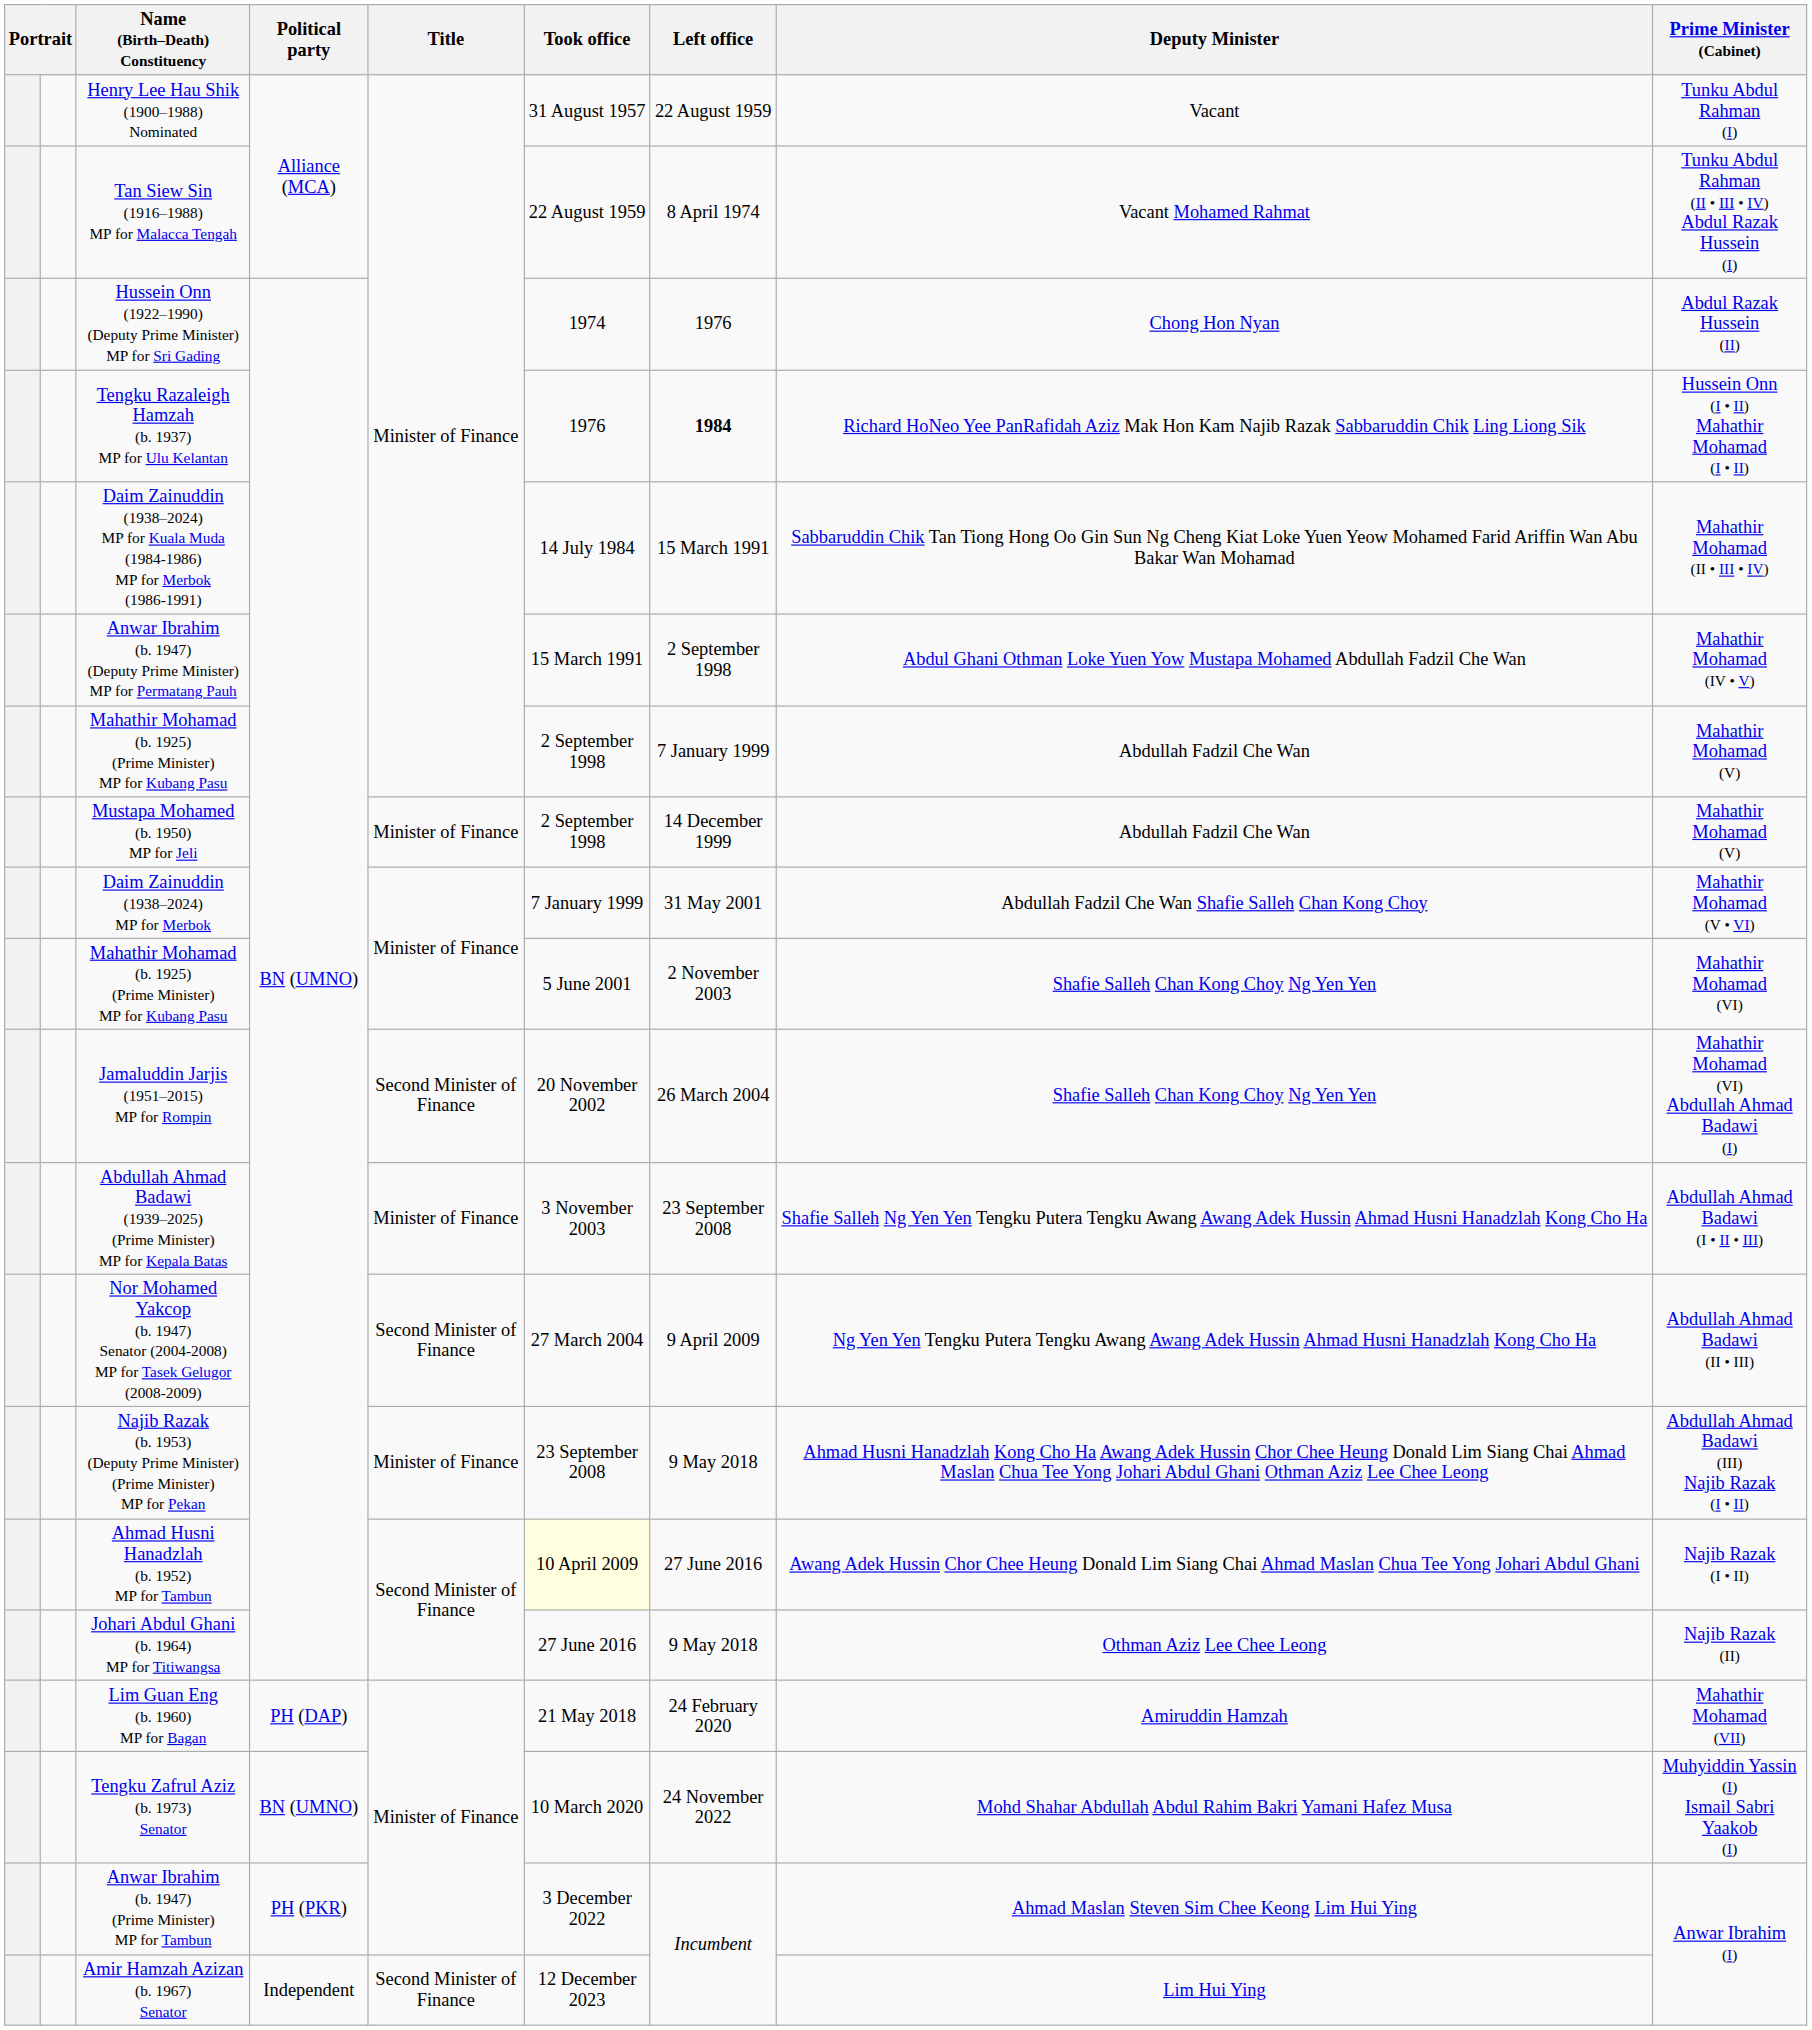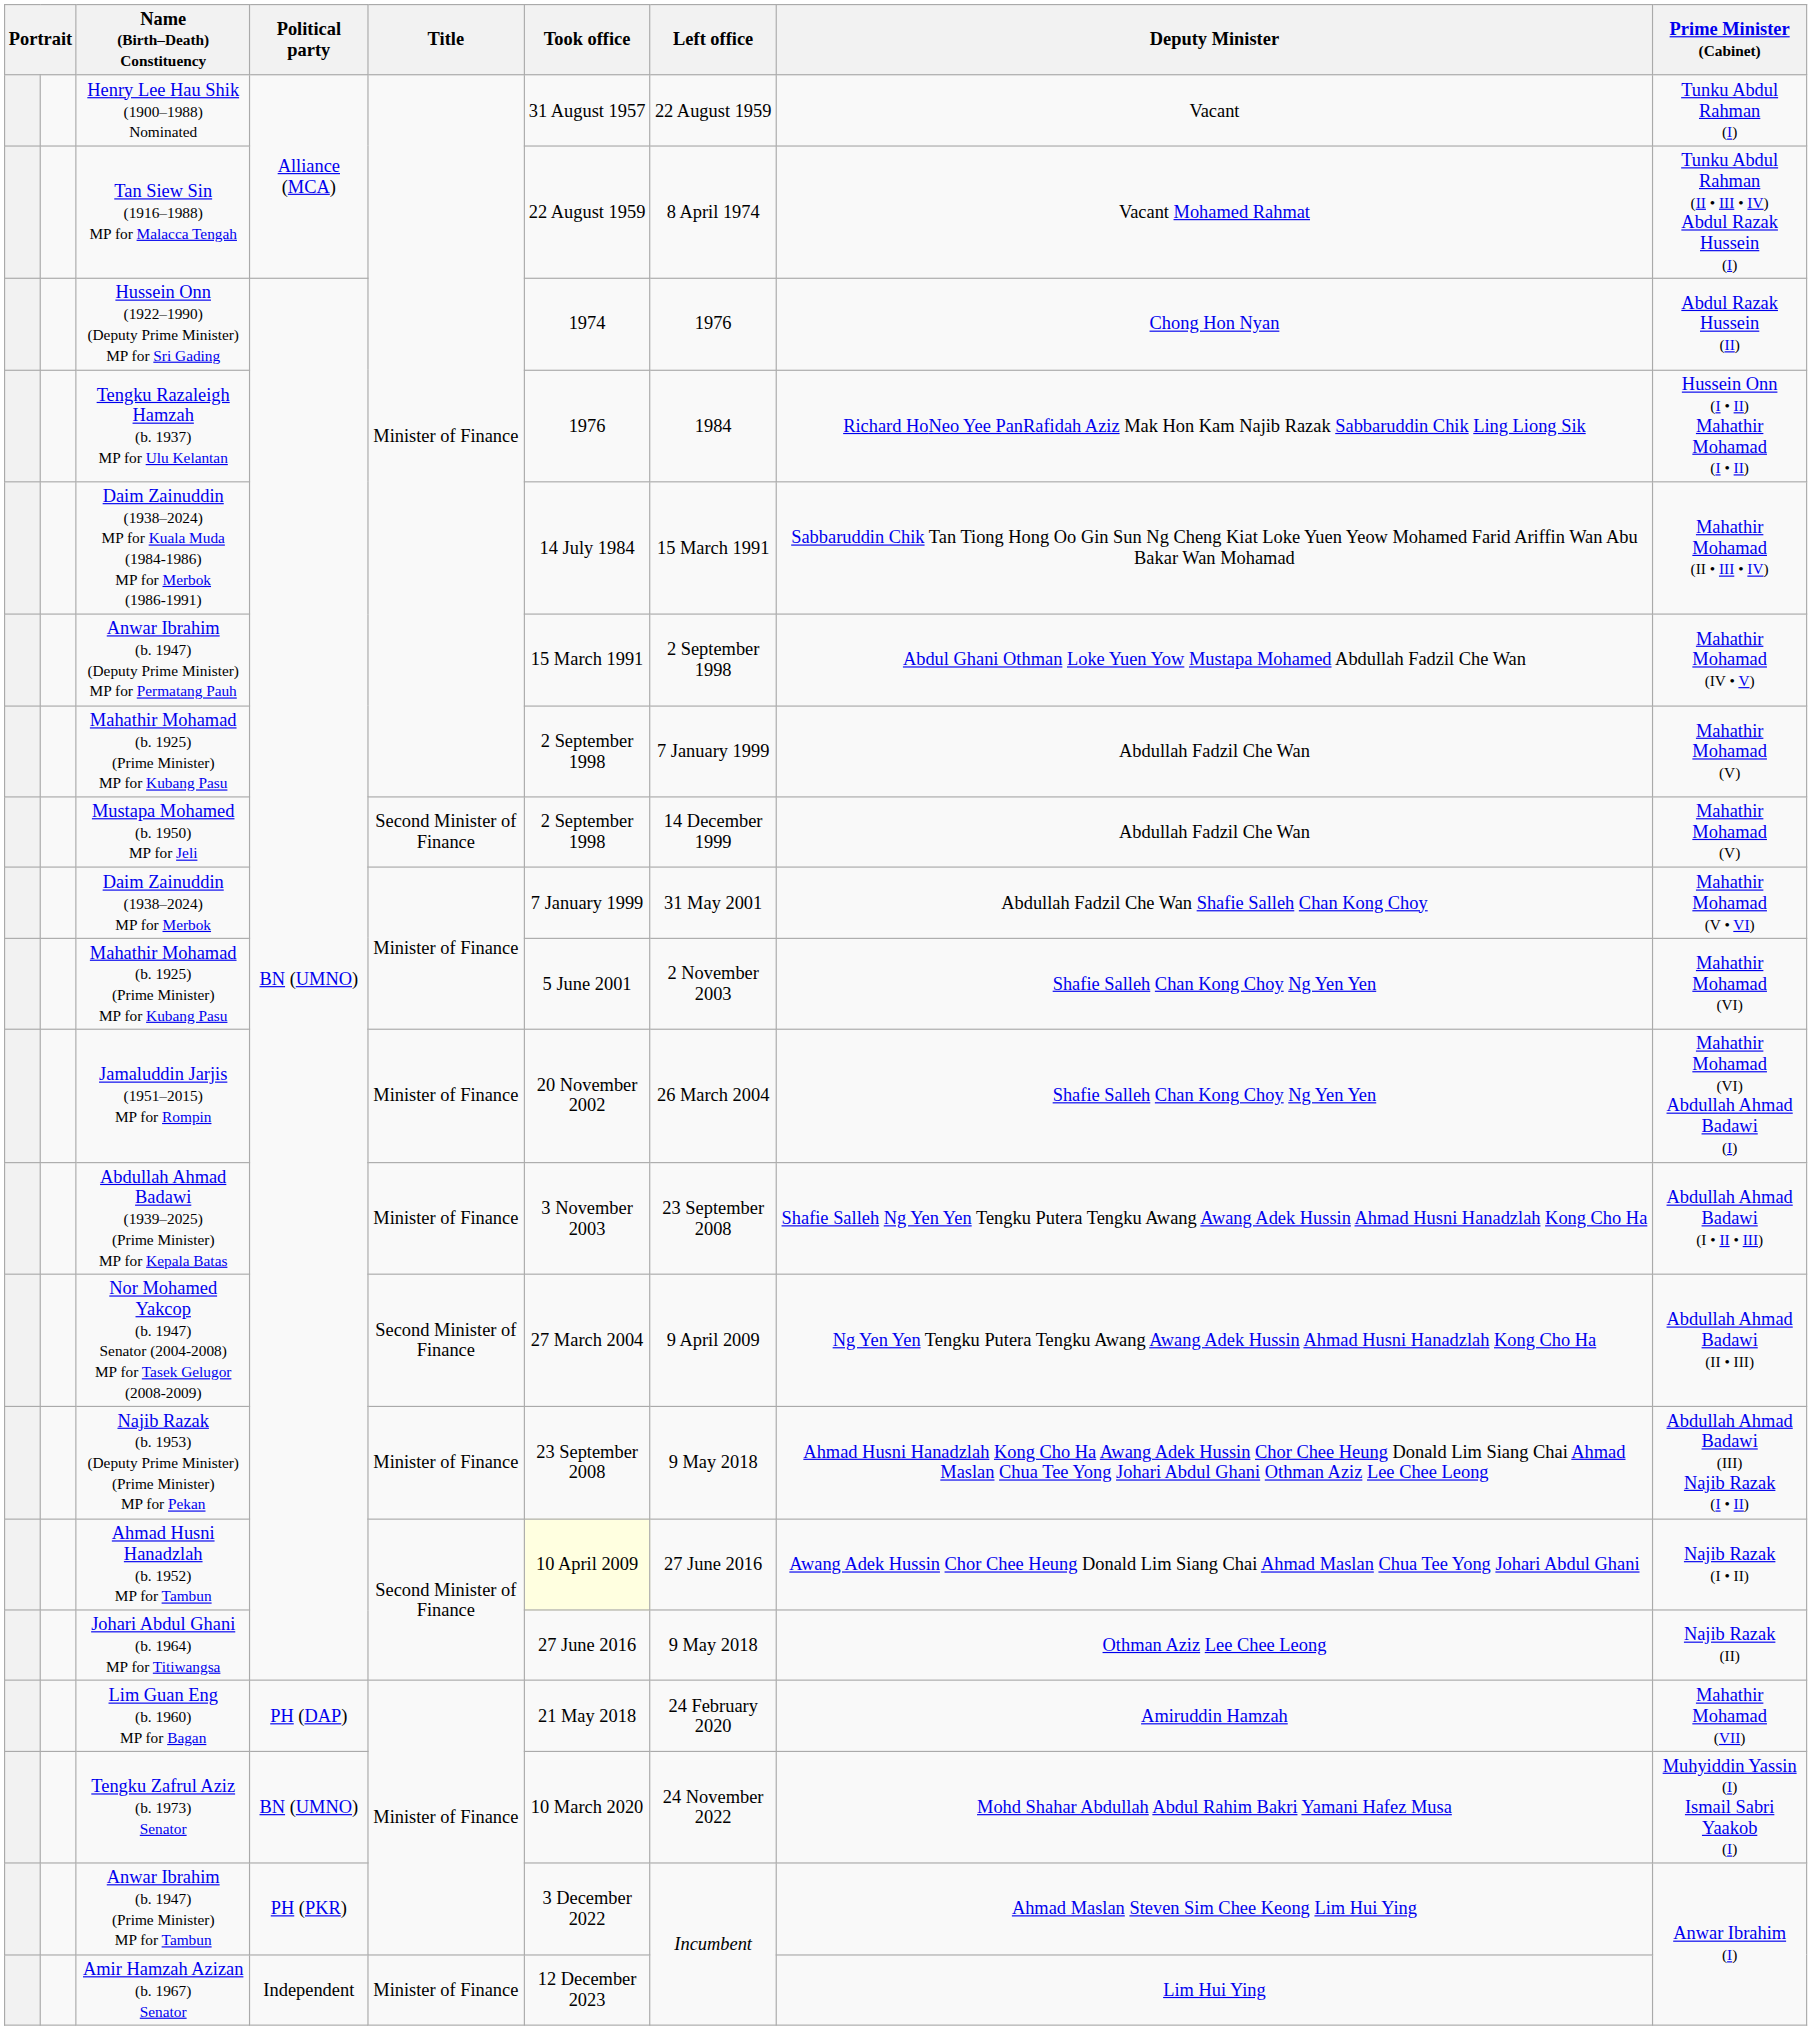 <table class="wikitable" style="text-align:center;">
 <tr>
 <th colspan=2>Portrait</th>
 <th>Name<br><small>(Birth–Death)<br>Constituency</small></th>
 <th>Political party</th>
 <th>Title</th>
 <th>Took office</th>
 <th>Left office</th>
 <th>Deputy Minister</th>
 <th><a href='#'>Prime Minister</a><br><small>(Cabinet)</small></th>
 </tr>
 <tr>
 <th style="background:"></th>
 <td></td>
 <td><a href='#'>Henry Lee Hau Shik</a><br><small>(1900–1988)</small><br><small>Nominated</small></td>
 <td rowspan=2><a href='#'>Alliance</a> (<a href='#'>MCA</a>)</td>
 <td rowspan=7>Minister of Finance</td>
 <td>31 August 1957</td>
 <td>22 August 1959</td>
 <td>Vacant</td>
 <td><a href='#'>Tunku Abdul Rahman</a><br><small>(<a href='#'>I</a>)</small></td>
 </tr>
 <tr>
 <th style="background:"></th>
 <td></td>
 <td><a href='#'>Tan Siew Sin</a><br><small>(1916–1988)<br>MP for <a href='#'>Malacca Tengah</a></small></td>
 <td>22 August 1959</td>
 <td>8 April 1974</td>
 <td>Vacant <a href='#'>Mohamed Rahmat</a> </td>
 <td><a href='#'>Tunku Abdul Rahman</a><br><small>(<a href='#'>II</a> • <a href='#'>III</a> • <a href='#'>IV</a>)</small><br><a href='#'>Abdul Razak Hussein</a><br><small>(<a href='#'>I</a>)</small></td>
 </tr>
 <tr>
 <th style="background:"></th>
 <td></td>
 <td><a href='#'>Hussein Onn</a><br><small>(1922–1990)<br>(Deputy Prime Minister) <br>MP for <a href='#'>Sri Gading</a></small></td>
 <td rowspan=14><a href='#'>BN</a> (<a href='#'>UMNO</a>)</td>
 <td>1974</td>
 <td>1976</td>
 <td><a href='#'>Chong Hon Nyan</a></td>
 <td><a href='#'>Abdul Razak Hussein</a><br><small>(<a href='#'>II</a>)</small></td>
 </tr>
 <tr>
 <th style="background:"></th>
 <td></td>
 <td><a href='#'>Tengku Razaleigh Hamzah</a><br><small>(b. 1937)<br>MP for <a href='#'>Ulu Kelantan</a></small></td>
 <td>1976</td>
-<td><strong>1984</strong></td>
+<td>1984</td>
 <td><a href='#'>Richard Ho</a><a href='#'>Neo Yee Pan</a><a href='#'>Rafidah Aziz</a> Mak Hon Kam   Najib Razak   <a href='#'>Sabbaruddin Chik</a>   <a href='#'>Ling Liong Sik</a>  </td>
 <td><a href='#'>Hussein Onn</a><br><small>(<a href='#'>I</a> • <a href='#'>II</a>)</small><br><a href='#'>Mahathir Mohamad</a><br><small>(<a href='#'>I</a> • <a href='#'>II</a>)</small></td>
 </tr>
 <tr>
 <th style="background:"></th>
 <td></td>
 <td><a href='#'>Daim Zainuddin</a><br><small>(1938–2024)<br>MP for <a href='#'>Kuala Muda</a> <br>(1984-1986)<br>MP for <a href='#'>Merbok</a> <br>(1986-1991)</small></td>
 <td>14 July 1984</td>
 <td>15 March 1991</td>
 <td><a href='#'>Sabbaruddin Chik</a>   Tan Tiong Hong   Oo Gin Sun   Ng Cheng Kiat   Loke Yuen Yeow    Mohamed Farid Ariffin   Wan Abu Bakar Wan Mohamad  </td>
 <td><a href='#'>Mahathir Mohamad</a><br><small>(II • <a href='#'>III</a> • <a href='#'>IV</a>)</small></td>
 </tr>
 <tr>
 <th style="background:"></th>
 <td></td>
 <td><a href='#'>Anwar Ibrahim</a><br><small>(b. 1947)<br>(Deputy Prime Minister) <br>MP for <a href='#'>Permatang Pauh</a></small></td>
 <td>15 March 1991</td>
 <td>2 September 1998</td>
 <td><a href='#'>Abdul Ghani Othman</a>   <a href='#'>Loke Yuen Yow</a>   <a href='#'>Mustapa Mohamed</a>   Abdullah Fadzil Che Wan  </td>
 <td><a href='#'>Mahathir Mohamad</a><br><small>(IV • <a href='#'>V</a>)</small></td>
 </tr>
 <tr>
 <th style="background:"></th>
 <td></td>
 <td><a href='#'>Mahathir Mohamad</a><br><small>(b. 1925)<br>(Prime Minister)<br>MP for <a href='#'>Kubang Pasu</a></small></td>
 <td>2 September 1998</td>
 <td>7 January 1999</td>
 <td>Abdullah Fadzil Che Wan</td>
 <td><a href='#'>Mahathir Mohamad</a><br><small>(V)</small></td>
 </tr>
 <tr>
 <th style="background:"></th>
 <td></td>
 <td><a href='#'>Mustapa Mohamed</a><br><small>(b. 1950)<br>MP for <a href='#'>Jeli</a></small></td>
-<td>Minister of Finance</td>
+<td>Second Minister of Finance</td>
 <td>2 September 1998</td>
 <td>14 December 1999</td>
 <td>Abdullah Fadzil Che Wan</td>
 <td><a href='#'>Mahathir Mohamad</a><br><small>(V)</small></td>
 </tr>
 <tr>
 <th style="background:"></th>
 <td></td>
 <td><a href='#'>Daim Zainuddin</a><br><small>(1938–2024)<br>MP for <a href='#'>Merbok</a></small></td>
 <td rowspan=2>Minister of Finance</td>
 <td>7 January 1999</td>
 <td>31 May 2001</td>
 <td>Abdullah Fadzil Che Wan   <a href='#'>Shafie Salleh</a>   <a href='#'>Chan Kong Choy</a>  </td>
 <td><a href='#'>Mahathir Mohamad</a><br><small>(V • <a href='#'>VI</a>)</small></td>
 </tr>
 <tr>
 <th style="background:"></th>
 <td></td>
 <td><a href='#'>Mahathir Mohamad</a><br><small>(b. 1925)<br>(Prime Minister)<br>MP for <a href='#'>Kubang Pasu</a></small></td>
 <td>5 June 2001</td>
 <td>2 November 2003</td>
 <td><a href='#'>Shafie Salleh</a>   <a href='#'>Chan Kong Choy</a>   <a href='#'>Ng Yen Yen</a>  </td>
 <td><a href='#'>Mahathir Mohamad</a><br><small>(VI)</small></td>
 </tr>
 <tr>
 <th style="background:"></th>
 <td></td>
 <td><a href='#'>Jamaluddin Jarjis</a><br><small>(1951–2015)<br>MP for <a href='#'>Rompin</a></small></td>
-<td>Second Minister of Finance</td>
+<td>Minister of Finance</td>
 <td>20 November 2002</td>
 <td>26 March 2004</td>
 <td><a href='#'>Shafie Salleh</a>   <a href='#'>Chan Kong Choy</a>   <a href='#'>Ng Yen Yen</a>  </td>
 <td><a href='#'>Mahathir Mohamad</a><br><small>(VI)</small><br><a href='#'>Abdullah Ahmad Badawi</a><br><small>(<a href='#'>I</a>)</small></td>
 </tr>
 <tr>
 <th style="background:"></th>
 <td></td>
 <td><a href='#'>Abdullah Ahmad Badawi</a><br><small>(1939–2025)<br>(Prime Minister)<br>MP for <a href='#'>Kepala Batas</a></small></td>
 <td>Minister of Finance</td>
 <td>3 November 2003</td>
 <td>23 September 2008</td>
 <td><a href='#'>Shafie Salleh</a>   <a href='#'>Ng Yen Yen</a>   Tengku Putera Tengku Awang   <a href='#'>Awang Adek Hussin</a>  <a href='#'>Ahmad Husni Hanadzlah</a>   <a href='#'>Kong Cho Ha</a> </td>
 <td><a href='#'>Abdullah Ahmad Badawi</a><br><small>(I • <a href='#'>II</a> • <a href='#'>III</a>)</small></td>
 </tr>
 <tr>
 <th style="background:"></th>
 <td></td>
 <td><a href='#'>Nor Mohamed Yakcop</a><br><small>(b. 1947)<br>Senator (2004-2008)<br>MP for <a href='#'>Tasek Gelugor</a> (2008-2009)</small></td>
 <td>Second Minister of Finance</td>
 <td>27 March 2004</td>
 <td>9 April 2009</td>
 <td><a href='#'>Ng Yen Yen</a>   Tengku Putera Tengku Awang   <a href='#'>Awang Adek Hussin</a>   <a href='#'>Ahmad Husni Hanadzlah</a>   <a href='#'>Kong Cho Ha</a> </td>
 <td><a href='#'>Abdullah Ahmad Badawi</a><br><small>(II • III)</small></td>
 </tr>
 <tr>
 <th style="background:"></th>
 <td></td>
 <td><a href='#'>Najib Razak</a> <br><small>(b. 1953)<br> (Deputy Prime Minister) <br>(Prime Minister)<br>MP for <a href='#'>Pekan</a></small></td>
 <td>Minister of Finance</td>
 <td>23 September 2008</td>
 <td>9 May 2018</td>
 <td><a href='#'>Ahmad Husni Hanadzlah</a>   <a href='#'>Kong Cho Ha</a>   <a href='#'>Awang Adek Hussin</a>   <a href='#'>Chor Chee Heung</a>   Donald Lim Siang Chai   <a href='#'>Ahmad Maslan</a>   <a href='#'>Chua Tee Yong</a>   <a href='#'>Johari Abdul Ghani</a>   <a href='#'>Othman Aziz</a>   <a href='#'>Lee Chee Leong</a>  </td>
 <td><a href='#'>Abdullah Ahmad Badawi</a><br><small>(III)</small><br><a href='#'>Najib Razak</a><br><small>(<a href='#'>I</a> • <a href='#'>II</a>)</small></td>
 </tr>
 <tr>
 <th style="background:"></th>
 <td></td>
 <td><a href='#'>Ahmad Husni Hanadzlah</a><br><small>(b. 1952)<br>MP for <a href='#'>Tambun</a></small></td>
 <td rowspan=2>Second Minister of Finance</td>
 <td style="background: lightyellow;">10 April 2009</td>
 <td>27 June 2016</td>
 <td><a href='#'>Awang Adek Hussin</a>   <a href='#'>Chor Chee Heung</a>   Donald Lim Siang Chai   <a href='#'>Ahmad Maslan</a>   <a href='#'>Chua Tee Yong</a>   <a href='#'>Johari Abdul Ghani</a> </td>
 <td><a href='#'>Najib Razak</a><br><small>(I • II)</small></td>
 </tr>
 <tr>
 <th style="background:"></th>
 <td></td>
 <td><a href='#'>Johari Abdul Ghani</a><br><small>(b. 1964)<br>MP for <a href='#'>Titiwangsa</a></small></td>
 <td>27 June 2016</td>
 <td>9 May 2018</td>
 <td><a href='#'>Othman Aziz</a>   <a href='#'>Lee Chee Leong</a>  </td>
 <td><a href='#'>Najib Razak</a><br><small>(II)</small></td>
 </tr>
 <tr>
 <th style="background:"></th>
 <td></td>
 <td><a href='#'>Lim Guan Eng</a><br><small>(b. 1960)<br>MP for <a href='#'>Bagan</a></small></td>
 <td><a href='#'>PH</a> (<a href='#'>DAP</a>)</td>
 <td rowspan="3">Minister of Finance</td>
 <td>21 May 2018</td>
 <td>24 February 2020</td>
 <td><a href='#'>Amiruddin Hamzah</a></td>
 <td><a href='#'>Mahathir Mohamad</a><br><small>(<a href='#'>VII</a>)</small></td>
 </tr>
 <tr>
 <th style="background:"></th>
 <td></td>
 <td><a href='#'>Tengku Zafrul Aziz</a><br><small>(b. 1973)<br><a href='#'>Senator</a></small></td>
 <td><a href='#'>BN</a> (<a href='#'>UMNO</a>)</td>
 <td>10 March 2020</td>
 <td>24 November 2022</td>
 <td><a href='#'>Mohd Shahar Abdullah</a>   <a href='#'>Abdul Rahim Bakri</a>    <a href='#'>Yamani Hafez Musa</a> </td>
 <td><a href='#'>Muhyiddin Yassin</a><br><small>(<a href='#'>I</a>)<br></small><a href='#'>Ismail Sabri Yaakob</a><br><small>(<a href='#'>I</a>)</small></td>
 </tr>
 <tr>
 <th style="background:"></th>
 <td></td>
 <td><a href='#'>Anwar Ibrahim</a><br><small>(b. 1947)<br>(Prime Minister) <br>MP for <a href='#'>Tambun</a></small></td>
 <td><a href='#'>PH</a> (<a href='#'>PKR</a>)</td>
 <td>3 December 2022</td>
 <td rowspan="2"><em>Incumbent</em></td>
 <td><a href='#'>Ahmad Maslan</a>   <a href='#'>Steven Sim Chee Keong</a>    <a href='#'>Lim Hui Ying</a> </td>
 <td rowspan="2"><a href='#'>Anwar Ibrahim</a><br><small>(<a href='#'>I</a>)</small></td>
 </tr>
 <tr>
 <th style="background:"></th>
 <td></td>
 <td><a href='#'>Amir Hamzah Azizan</a><br><small>(b. 1967)<br><a href='#'>Senator</a></small></td>
 <td>Independent</td>
-<td>Second Minister of Finance</td>
+<td>Minister of Finance</td>
 <td>12 December 2023</td>
 <td><a href='#'>Lim Hui Ying</a></td>
 </tr>
 </table>
